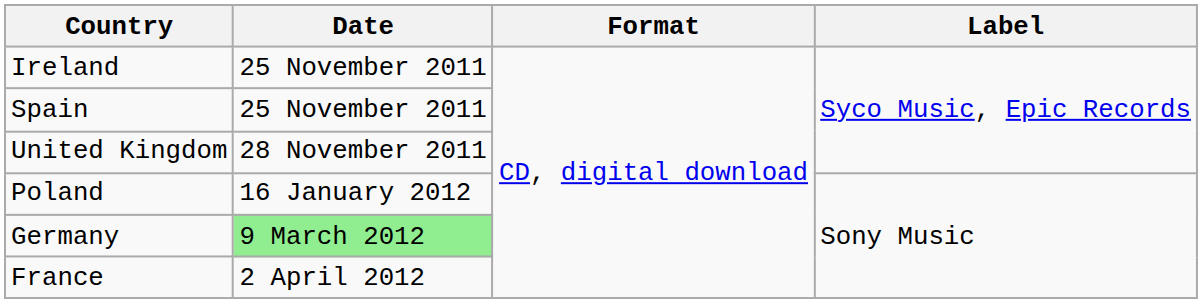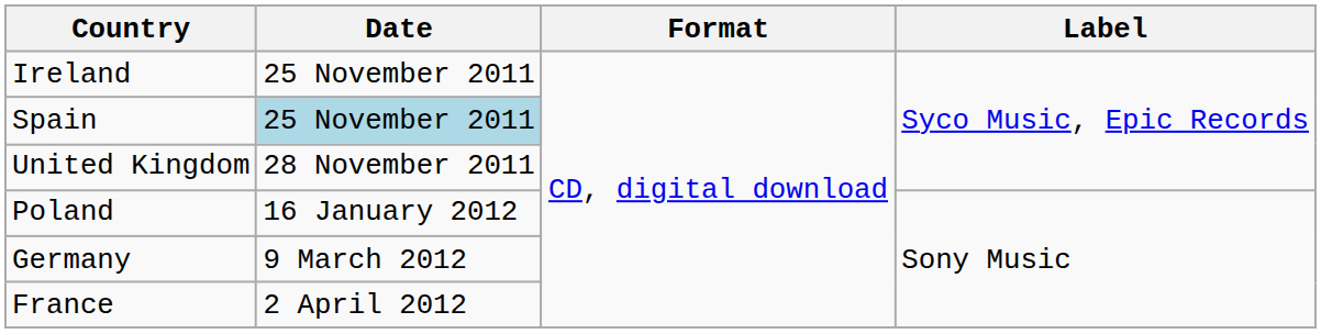 <table class="wikitable sortable">
 <tr>
 <th>Country</th>
 <th>Date</th>
 <th>Format</th>
 <th>Label</th>
 </tr>
 <tr>
 <td>Ireland</td>
 <td>25 November 2011</td>
 <td rowspan="6"><a href='#'>CD</a>, <a href='#'>digital download</a></td>
 <td rowspan="3"><a href='#'>Syco Music</a>, <a href='#'>Epic Records</a></td>
 </tr>
 <tr>
 <td>Spain</td>
-<td>25 November 2011</td>
+<td style="background: lightblue;">25 November 2011</td>
 </tr>
 <tr>
 <td>United Kingdom</td>
 <td>28 November 2011</td>
 </tr>
 <tr>
 <td>Poland</td>
 <td>16 January 2012</td>
 <td rowspan="3">Sony Music</td>
 </tr>
 <tr>
 <td>Germany</td>
-<td style="background: lightgreen;">9 March 2012</td>
+<td>9 March 2012</td>
 </tr>
 <tr>
 <td>France</td>
 <td>2 April 2012</td>
 </tr>
 </table>
